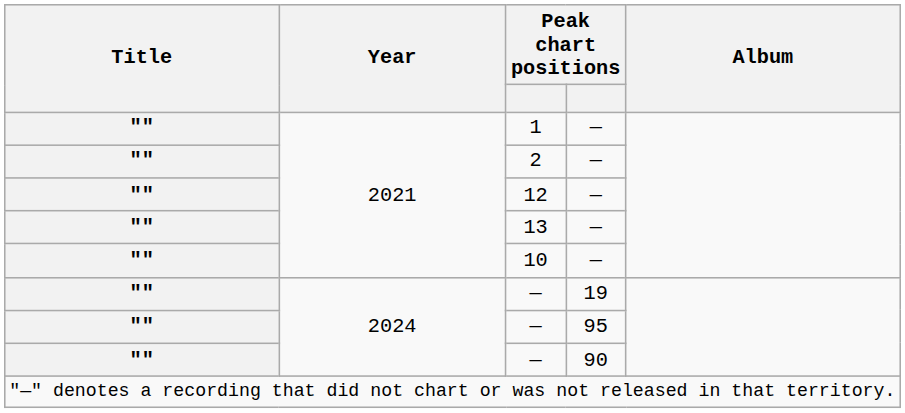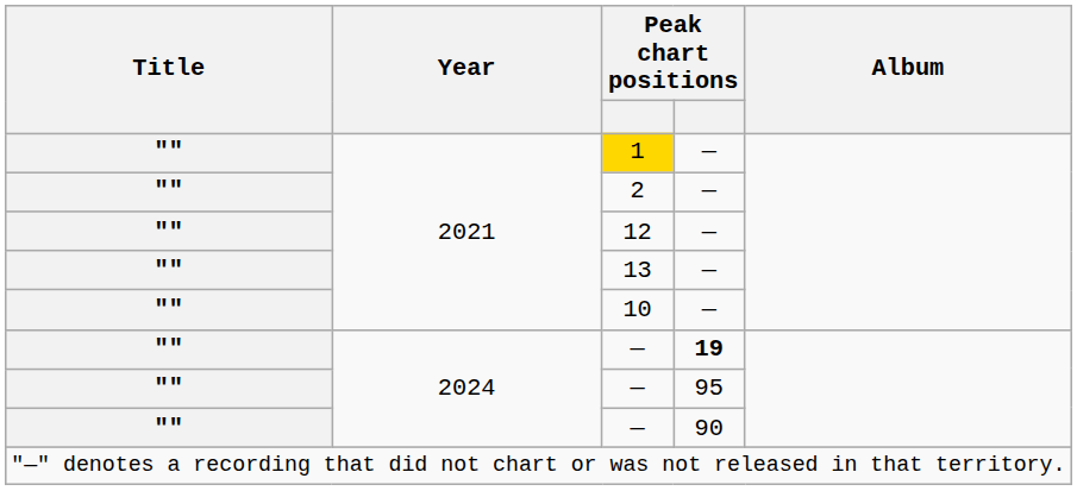 <table class="wikitable plainrowheaders" style="text-align:center;">
 <tr>
 <th scope="col" rowspan="2">Title</th>
 <th scope="col" rowspan="2">Year</th>
 <th scope="col" colspan="2">Peak<br>chart<br>positions</th>
 <th scope="col" rowspan="2">Album</th>
 </tr>
 <tr>
 <th style="width:3em; font-size:85%;"><a href='#'></a><br></th>
 <th style="width:3em; font-size:85%;"><a href='#'></a><br></th>
 </tr>
 <tr>
 <th scope="row">""</th>
 <td rowspan="5">2021</td>
-<td>1</td>
+<td style="background: gold;">1</td>
 <td>—</td>
 <td rowspan="5"></td>
 </tr>
 <tr>
 <th scope="row">""</th>
 <td>2</td>
 <td>—</td>
 </tr>
 <tr>
 <th scope="row">""</th>
 <td>12</td>
 <td>—</td>
 </tr>
 <tr>
 <th scope="row">""</th>
 <td>13</td>
 <td>—</td>
 </tr>
 <tr>
 <th scope="row">""</th>
 <td>10</td>
 <td>—</td>
 </tr>
 <tr>
 <th scope="row">""<br></th>
 <td rowspan="3">2024</td>
 <td>—</td>
-<td>19</td>
+<td><strong>19</strong></td>
 <td rowspan="3"></td>
 </tr>
 <tr>
 <th scope="row">""<br></th>
 <td>—</td>
 <td>95</td>
 </tr>
 <tr>
 <th scope="row">""<br></th>
 <td>—</td>
 <td>90</td>
 </tr>
 <tr>
 <td colspan="5" style="font-size:90%">"—" denotes a recording that did not chart or was not released in that territory.</td>
 </tr>
 </table>
